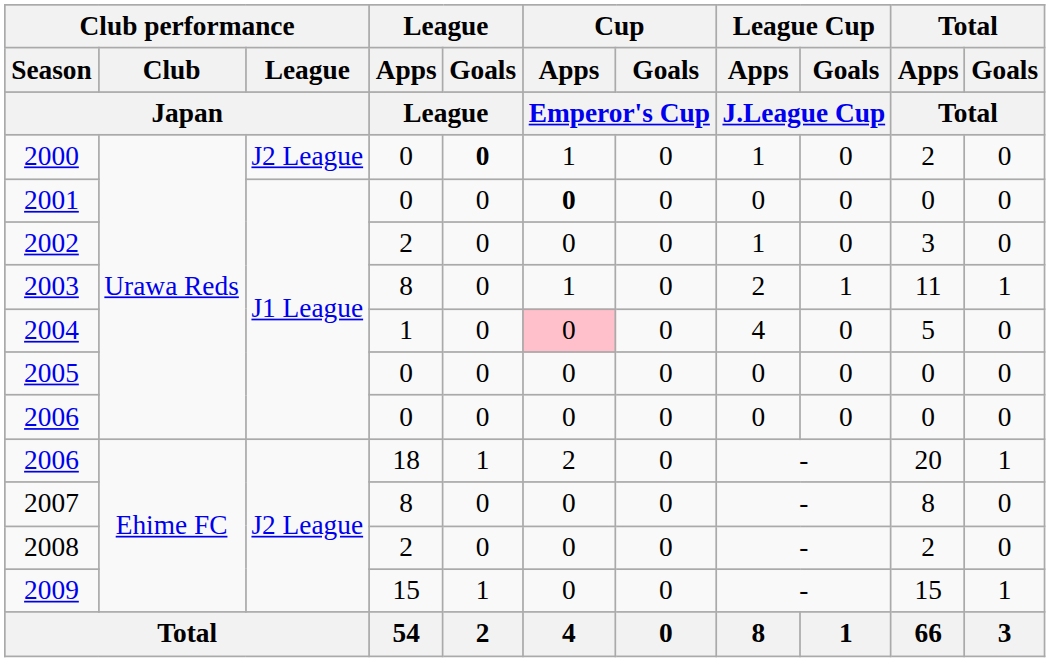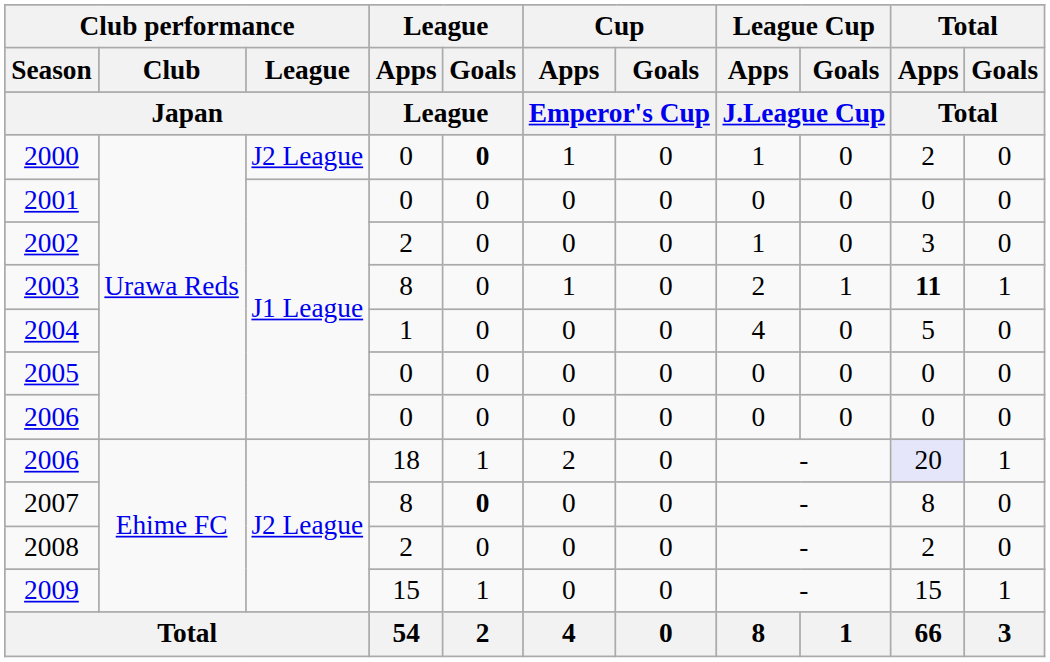 <table class="wikitable" style="text-align:center;">
 <tr>
 <th colspan=3>Club performance</th>
 <th colspan=2>League</th>
 <th colspan=2>Cup</th>
 <th colspan=2>League Cup</th>
 <th colspan=2>Total</th>
 </tr>
 <tr>
 <th>Season</th>
 <th>Club</th>
 <th>League</th>
 <th>Apps</th>
 <th>Goals</th>
 <th>Apps</th>
 <th>Goals</th>
 <th>Apps</th>
 <th>Goals</th>
 <th>Apps</th>
 <th>Goals</th>
 </tr>
 <tr>
 <th colspan=3>Japan</th>
 <th colspan=2>League</th>
 <th colspan=2><a href='#'>Emperor's Cup</a></th>
 <th colspan=2><a href='#'>J.League Cup</a></th>
 <th colspan=2>Total</th>
 </tr>
 <tr>
 <td><a href='#'>2000</a></td>
 <td rowspan="7"><a href='#'>Urawa Reds</a></td>
 <td><a href='#'>J2 League</a></td>
 <td>0</td>
 <td><strong>0</strong></td>
 <td>1</td>
 <td>0</td>
 <td>1</td>
 <td>0</td>
 <td>2</td>
 <td>0</td>
 </tr>
 <tr>
 <td><a href='#'>2001</a></td>
 <td rowspan="6"><a href='#'>J1 League</a></td>
 <td>0</td>
 <td>0</td>
-<td><strong>0</strong></td>
+<td>0</td>
 <td>0</td>
 <td>0</td>
 <td>0</td>
 <td>0</td>
 <td>0</td>
 </tr>
 <tr>
 <td><a href='#'>2002</a></td>
 <td>2</td>
 <td>0</td>
 <td>0</td>
 <td>0</td>
 <td>1</td>
 <td>0</td>
 <td>3</td>
 <td>0</td>
 </tr>
 <tr>
 <td><a href='#'>2003</a></td>
 <td>8</td>
 <td>0</td>
 <td>1</td>
 <td>0</td>
 <td>2</td>
 <td>1</td>
-<td>11</td>
+<td><strong>11</strong></td>
 <td>1</td>
 </tr>
 <tr>
 <td><a href='#'>2004</a></td>
 <td>1</td>
 <td>0</td>
-<td style="background: pink;">0</td>
+<td>0</td>
 <td>0</td>
 <td>4</td>
 <td>0</td>
 <td>5</td>
 <td>0</td>
 </tr>
 <tr>
 <td><a href='#'>2005</a></td>
 <td>0</td>
 <td>0</td>
 <td>0</td>
 <td>0</td>
 <td>0</td>
 <td>0</td>
 <td>0</td>
 <td>0</td>
 </tr>
 <tr>
 <td><a href='#'>2006</a></td>
 <td>0</td>
 <td>0</td>
 <td>0</td>
 <td>0</td>
 <td>0</td>
 <td>0</td>
 <td>0</td>
 <td>0</td>
 </tr>
 <tr>
 <td><a href='#'>2006</a></td>
 <td rowspan="4"><a href='#'>Ehime FC</a></td>
 <td rowspan="4"><a href='#'>J2 League</a></td>
 <td>18</td>
 <td>1</td>
 <td>2</td>
 <td>0</td>
 <td colspan="2">-</td>
-<td>20</td>
+<td style="background: lavender;">20</td>
 <td>1</td>
 </tr>
 <tr>
 <td>2007</td>
 <td>8</td>
-<td>0</td>
+<td><strong>0</strong></td>
 <td>0</td>
 <td>0</td>
 <td colspan="2">-</td>
 <td>8</td>
 <td>0</td>
 </tr>
 <tr>
 <td>2008</td>
 <td>2</td>
 <td>0</td>
 <td>0</td>
 <td>0</td>
 <td colspan="2">-</td>
 <td>2</td>
 <td>0</td>
 </tr>
 <tr>
 <td><a href='#'>2009</a></td>
 <td>15</td>
 <td>1</td>
 <td>0</td>
 <td>0</td>
 <td colspan="2">-</td>
 <td>15</td>
 <td>1</td>
 </tr>
 <tr>
 <th colspan=3>Total</th>
 <th>54</th>
 <th>2</th>
 <th>4</th>
 <th>0</th>
 <th>8</th>
 <th>1</th>
 <th>66</th>
 <th>3</th>
 </tr>
 </table>
